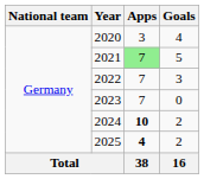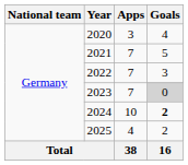 <table class="wikitable" style="text-align:center">
 <tr>
 <th>National team</th>
 <th>Year</th>
 <th>Apps</th>
 <th>Goals</th>
 </tr>
 <tr>
 <td rowspan="6"><a href='#'>Germany</a></td>
 <td>2020</td>
 <td>3</td>
 <td>4</td>
 </tr>
 <tr>
 <td>2021</td>
-<td style="background: lightgreen;">7</td>
+<td>7</td>
 <td>5</td>
 </tr>
 <tr>
 <td>2022</td>
 <td>7</td>
 <td>3</td>
 </tr>
 <tr>
 <td>2023</td>
 <td>7</td>
-<td>0</td>
+<td style="background: lightgrey;">0</td>
 </tr>
 <tr>
 <td>2024</td>
-<td><strong>10</strong></td>
-<td>2</td>
+<td>10</td>
+<td><strong>2</strong></td>
 </tr>
 <tr>
 <td>2025</td>
-<td><strong>4</strong></td>
+<td>4</td>
 <td>2</td>
 </tr>
 <tr>
 <th colspan="2">Total</th>
 <th>38</th>
 <th>16</th>
 </tr>
 </table>
